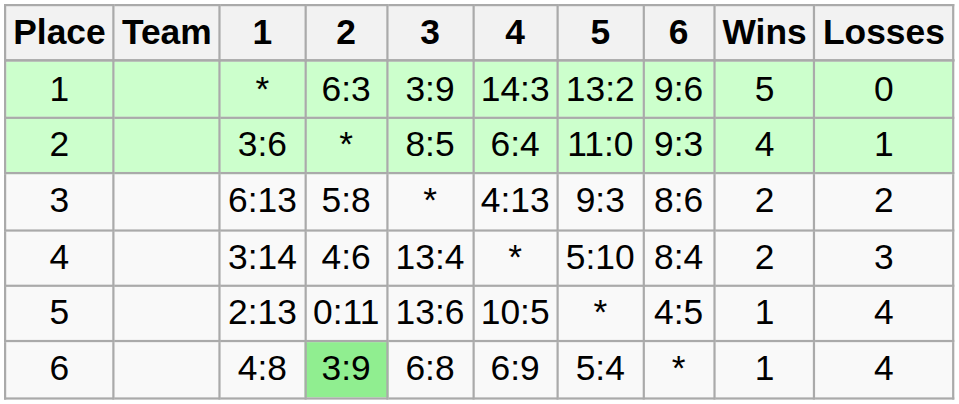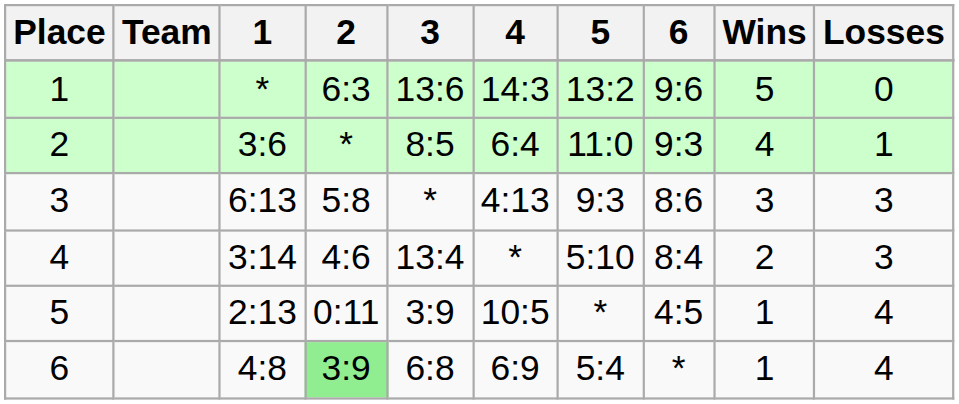 <table class="wikitable" style="text-align:center;">
 <tr>
 <th>Place</th>
 <th>Team</th>
 <th width="25">1</th>
 <th width="25">2</th>
 <th width="25">3</th>
 <th width="25">4</th>
 <th width="25">5</th>
 <th width="25">6</th>
 <th>Wins</th>
 <th>Losses</th>
 </tr>
 <tr>
 </tr>
 <tr bgcolor=#cfc>
 <td>1</td>
 <td align=left></td>
 <td>*</td>
 <td>6:3</td>
-<td>3:9</td>
+<td>13:6</td>
 <td>14:3</td>
 <td>13:2</td>
 <td>9:6</td>
 <td>5</td>
 <td>0</td>
 </tr>
 <tr bgcolor=#cfc>
 <td>2</td>
 <td align=left></td>
 <td>3:6</td>
 <td>*</td>
 <td>8:5</td>
 <td>6:4</td>
 <td>11:0</td>
 <td>9:3</td>
 <td>4</td>
 <td>1</td>
 </tr>
 <tr>
 <td>3</td>
 <td align=left></td>
 <td>6:13</td>
 <td>5:8</td>
 <td>*</td>
 <td>4:13</td>
 <td>9:3</td>
 <td>8:6</td>
-<td>2</td>
-<td>2</td>
+<td>3</td>
+<td>3</td>
 </tr>
 <tr>
 <td>4</td>
 <td align=left></td>
 <td>3:14</td>
 <td>4:6</td>
 <td>13:4</td>
 <td>*</td>
 <td>5:10</td>
 <td>8:4</td>
 <td>2</td>
 <td>3</td>
 </tr>
 <tr>
 <td>5</td>
 <td align=left></td>
 <td>2:13</td>
 <td>0:11</td>
-<td>13:6</td>
+<td>3:9</td>
 <td>10:5</td>
 <td>*</td>
 <td>4:5</td>
 <td>1</td>
 <td>4</td>
 </tr>
 <tr>
 <td>6</td>
 <td align=left></td>
 <td>4:8</td>
 <td style="background: lightgreen;">3:9</td>
 <td>6:8</td>
 <td>6:9</td>
 <td>5:4</td>
 <td>*</td>
 <td>1</td>
 <td>4</td>
 </tr>
 </table>
